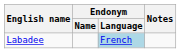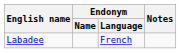 <table class="wikitable sortable mw-collapsible">
 <tr>
 <th rowspan="2">English name</th>
 <th colspan="2">Endonym</th>
 <th rowspan="2">Notes</th>
 </tr>
 <tr>
 <th>Name</th>
 <th>Language</th>
 </tr>
 <tr>
 <td><a href='#'>Labadee</a></td>
 <td></td>
-<td style="background: lightblue;"><a href='#'>French</a></td>
+<td><a href='#'>French</a></td>
 <td></td>
 </tr>
 </table>
